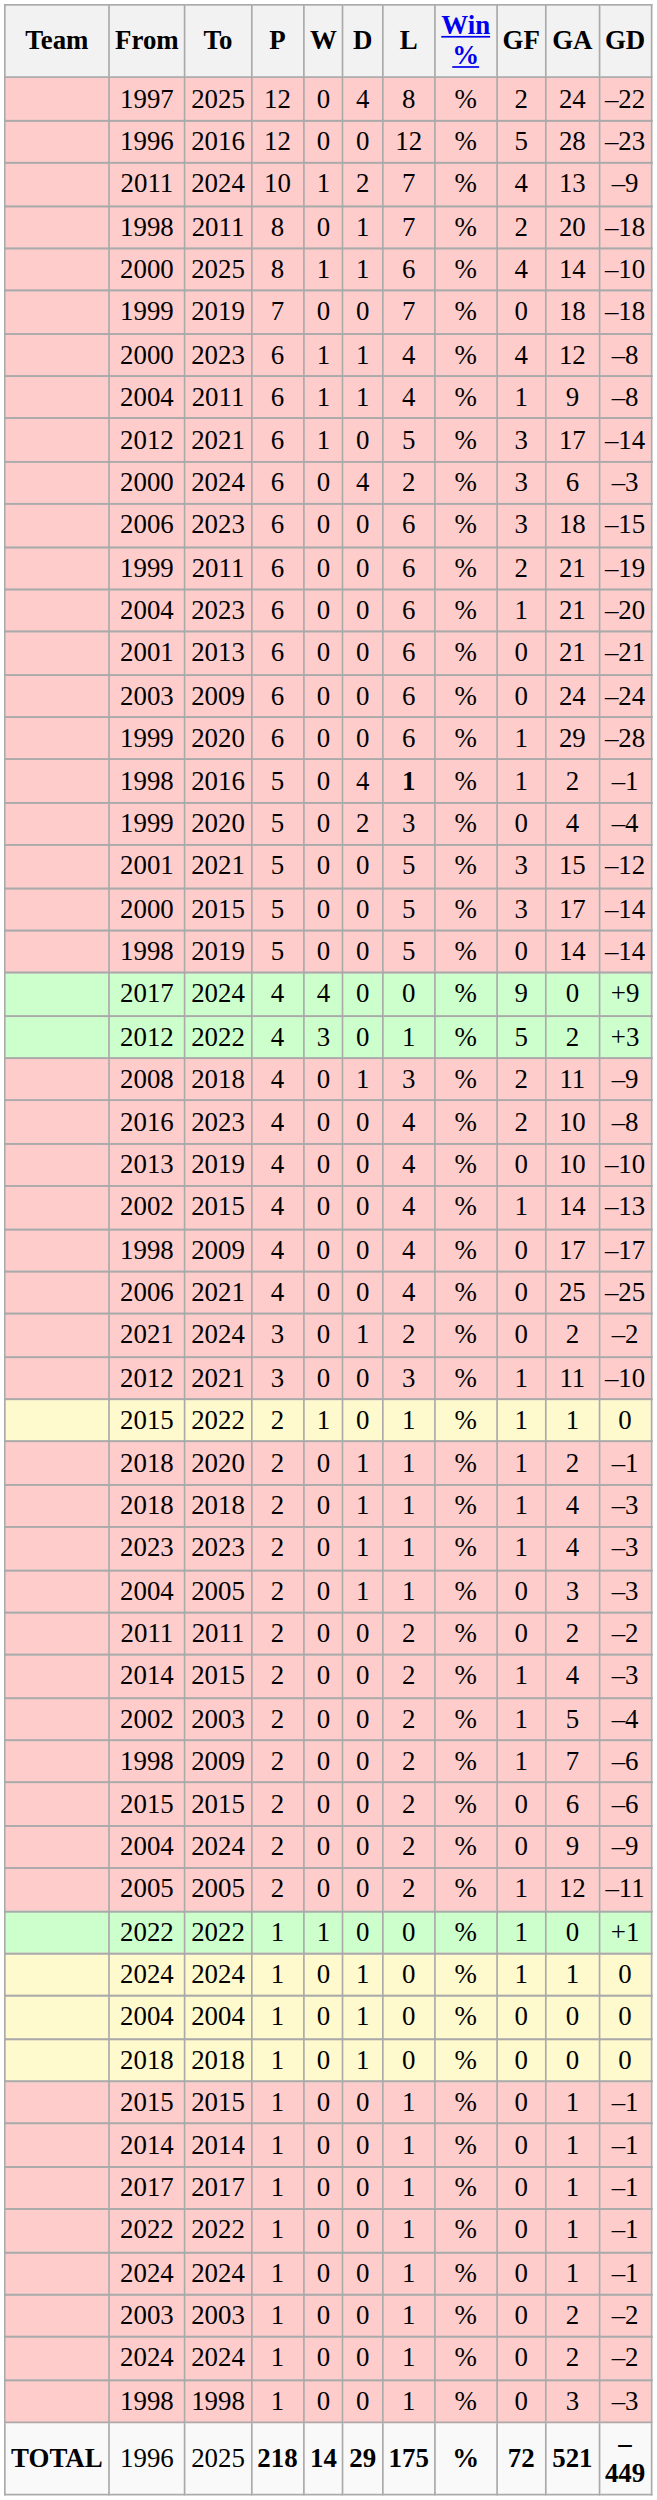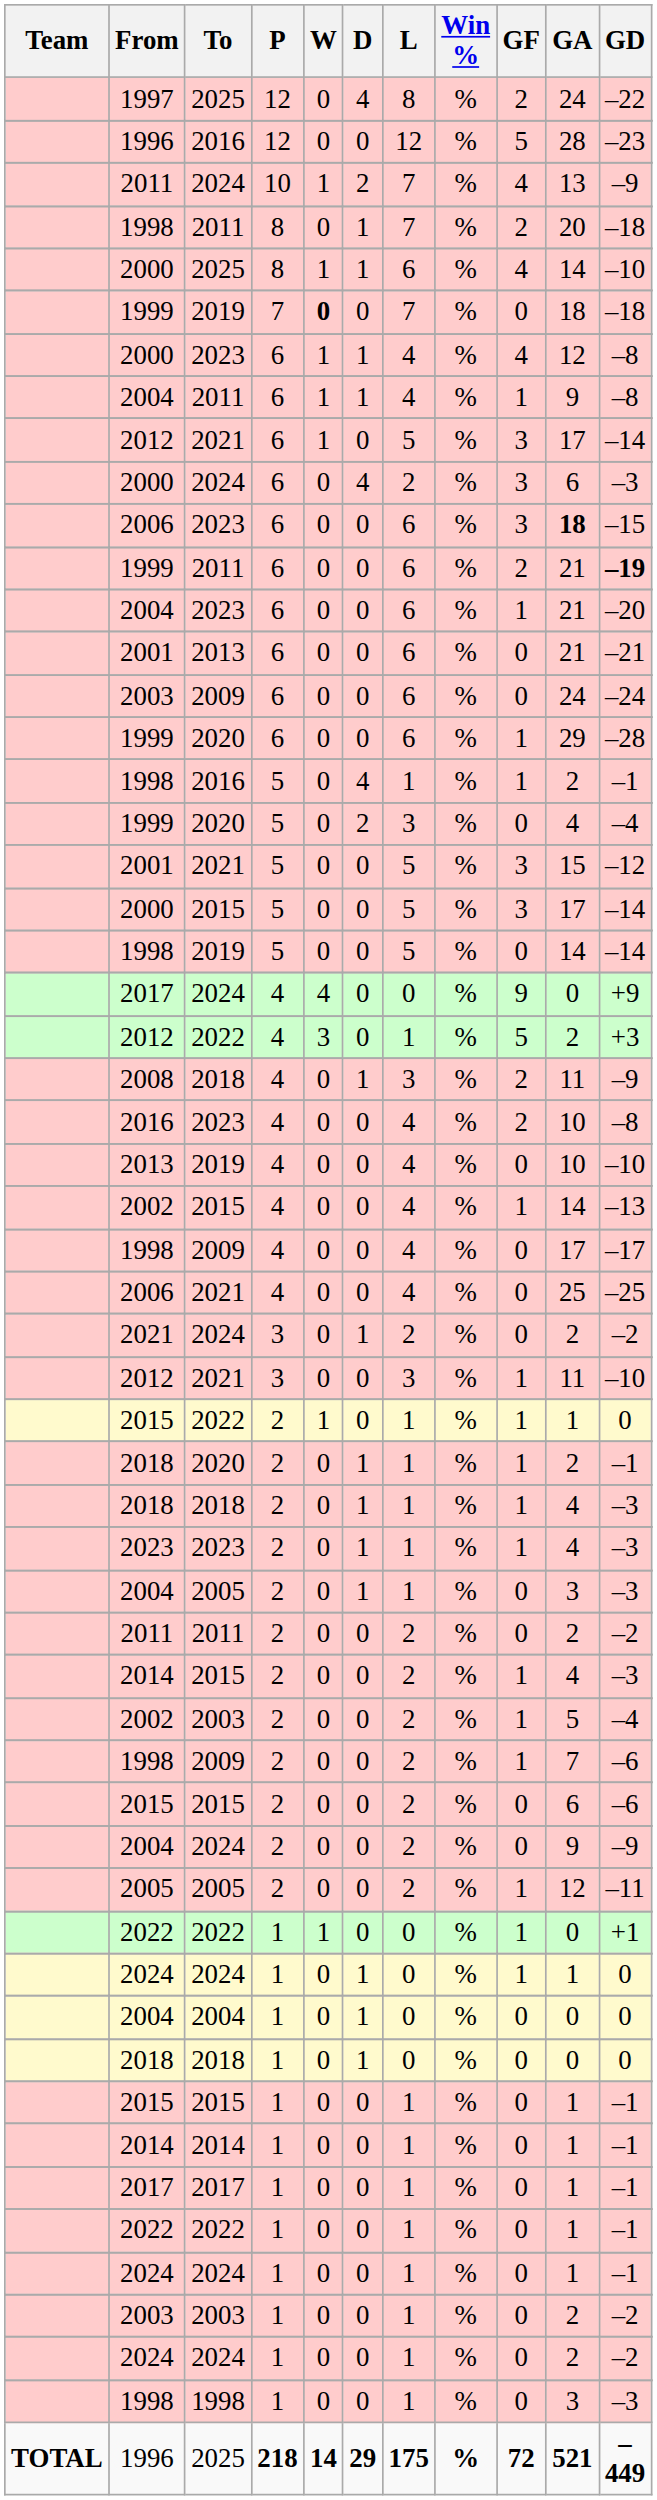 <table class="wikitable sortable collapsible collapsed" style="text-align: center; font-size: 100%;">
 <tr>
 <th width="30">Team</th>
 <th width="2">From</th>
 <th width="2">To</th>
 <th width="2">P</th>
 <th width="2">W</th>
 <th width="2">D</th>
 <th width="2">L</th>
 <th width="2"><a href='#'>Win %</a></th>
 <th width="2">GF</th>
 <th width="2">GA</th>
 <th width="2" data-sort-type="number">GD</th>
 </tr>
 <tr bgcolor= #FFCCCC>
 <td align=left></td>
 <td align=center>1997</td>
 <td align=center>2025</td>
 <td>12</td>
 <td>0</td>
 <td>4</td>
 <td>8</td>
 <td>%</td>
 <td>2</td>
 <td>24</td>
 <td>–22</td>
 </tr>
 <tr>
 </tr>
 <tr bgcolor= #FFCCCC>
 <td align=left></td>
 <td align=center>1996</td>
 <td align=center>2016</td>
 <td>12</td>
 <td>0</td>
 <td>0</td>
 <td>12</td>
 <td>%</td>
 <td>5</td>
 <td>28</td>
 <td>–23</td>
 </tr>
 <tr>
 </tr>
 <tr bgcolor= #FFCCCC>
 <td align=left></td>
 <td align=center>2011</td>
 <td align=center>2024</td>
 <td>10</td>
 <td>1</td>
 <td>2</td>
 <td>7</td>
 <td>%</td>
 <td>4</td>
 <td>13</td>
 <td>–9</td>
 </tr>
 <tr>
 </tr>
 <tr bgcolor= #FFCCCC>
 <td align=left></td>
 <td align=center>1998</td>
 <td align=center>2011</td>
 <td>8</td>
 <td>0</td>
 <td>1</td>
 <td>7</td>
 <td>%</td>
 <td>2</td>
 <td>20</td>
 <td>–18</td>
 </tr>
 <tr>
 </tr>
 <tr bgcolor= #FFCCCC>
 <td align=left></td>
 <td align=center>2000</td>
 <td align=center>2025</td>
 <td>8</td>
 <td>1</td>
 <td>1</td>
 <td>6</td>
 <td>%</td>
 <td>4</td>
 <td>14</td>
 <td>–10</td>
 </tr>
 <tr>
 </tr>
 <tr bgcolor= #FFCCCC>
 <td align=left></td>
 <td align=center>1999</td>
 <td align=center>2019</td>
 <td>7</td>
-<td>0</td>
+<td><strong>0</strong></td>
 <td>0</td>
 <td>7</td>
 <td>%</td>
 <td>0</td>
 <td>18</td>
 <td>–18</td>
 </tr>
 <tr>
 </tr>
 <tr bgcolor= #FFCCCC>
 <td align=left></td>
 <td align=center>2000</td>
 <td align=center>2023</td>
 <td>6</td>
 <td>1</td>
 <td>1</td>
 <td>4</td>
 <td>%</td>
 <td>4</td>
 <td>12</td>
 <td>–8</td>
 </tr>
 <tr>
 </tr>
 <tr bgcolor= #FFCCCC>
 <td align=left></td>
 <td align=center>2004</td>
 <td align=center>2011</td>
 <td>6</td>
 <td>1</td>
 <td>1</td>
 <td>4</td>
 <td>%</td>
 <td>1</td>
 <td>9</td>
 <td>–8</td>
 </tr>
 <tr>
 </tr>
 <tr bgcolor= #FFCCCC>
 <td align=left></td>
 <td align=center>2012</td>
 <td align=center>2021</td>
 <td>6</td>
 <td>1</td>
 <td>0</td>
 <td>5</td>
 <td>%</td>
 <td>3</td>
 <td>17</td>
 <td>–14</td>
 </tr>
 <tr>
 </tr>
 <tr bgcolor= #FFCCCC>
 <td align=left></td>
 <td align=center>2000</td>
 <td align=center>2024</td>
 <td>6</td>
 <td>0</td>
 <td>4</td>
 <td>2</td>
 <td>%</td>
 <td>3</td>
 <td>6</td>
 <td>–3</td>
 </tr>
 <tr>
 </tr>
 <tr bgcolor= #FFCCCC>
 <td align=left></td>
 <td align=center>2006</td>
 <td align=center>2023</td>
 <td>6</td>
 <td>0</td>
 <td>0</td>
 <td>6</td>
 <td>%</td>
 <td>3</td>
-<td>18</td>
+<td><strong>18</strong></td>
 <td>–15</td>
 </tr>
 <tr>
 </tr>
 <tr bgcolor= #FFCCCC>
 <td align=left></td>
 <td align=center>1999</td>
 <td align=center>2011</td>
 <td>6</td>
 <td>0</td>
 <td>0</td>
 <td>6</td>
 <td>%</td>
 <td>2</td>
 <td>21</td>
-<td>–19</td>
+<td><strong>–19</strong></td>
 </tr>
 <tr>
 </tr>
 <tr bgcolor= #FFCCCC>
 <td align=left></td>
 <td align=center>2004</td>
 <td align=center>2023</td>
 <td>6</td>
 <td>0</td>
 <td>0</td>
 <td>6</td>
 <td>%</td>
 <td>1</td>
 <td>21</td>
 <td>–20</td>
 </tr>
 <tr>
 </tr>
 <tr bgcolor= #FFCCCC>
 <td align=left></td>
 <td align=center>2001</td>
 <td align=center>2013</td>
 <td>6</td>
 <td>0</td>
 <td>0</td>
 <td>6</td>
 <td>%</td>
 <td>0</td>
 <td>21</td>
 <td>–21</td>
 </tr>
 <tr>
 </tr>
 <tr bgcolor= #FFCCCC>
 <td align=left></td>
 <td align=center>2003</td>
 <td align=center>2009</td>
 <td>6</td>
 <td>0</td>
 <td>0</td>
 <td>6</td>
 <td>%</td>
 <td>0</td>
 <td>24</td>
 <td>–24</td>
 </tr>
 <tr>
 </tr>
 <tr bgcolor= #FFCCCC>
 <td align=left></td>
 <td align=center>1999</td>
 <td align=center>2020</td>
 <td>6</td>
 <td>0</td>
 <td>0</td>
 <td>6</td>
 <td>%</td>
 <td>1</td>
 <td>29</td>
 <td>–28</td>
 </tr>
 <tr>
 </tr>
 <tr bgcolor= #FFCCCC>
 <td align=left></td>
 <td align=center>1998</td>
 <td align=center>2016</td>
 <td>5</td>
 <td>0</td>
 <td>4</td>
-<td><strong>1</strong></td>
+<td>1</td>
 <td>%</td>
 <td>1</td>
 <td>2</td>
 <td>–1</td>
 </tr>
 <tr>
 </tr>
 <tr bgcolor= #FFCCCC>
 <td align=left></td>
 <td align=center>1999</td>
 <td align=center>2020</td>
 <td>5</td>
 <td>0</td>
 <td>2</td>
 <td>3</td>
 <td>%</td>
 <td>0</td>
 <td>4</td>
 <td>–4</td>
 </tr>
 <tr>
 </tr>
 <tr bgcolor= #FFCCCC>
 <td align=left></td>
 <td align=center>2001</td>
 <td align=center>2021</td>
 <td>5</td>
 <td>0</td>
 <td>0</td>
 <td>5</td>
 <td>%</td>
 <td>3</td>
 <td>15</td>
 <td>–12</td>
 </tr>
 <tr>
 </tr>
 <tr bgcolor= #FFCCCC>
 <td align=left></td>
 <td align=center>2000</td>
 <td align=center>2015</td>
 <td>5</td>
 <td>0</td>
 <td>0</td>
 <td>5</td>
 <td>%</td>
 <td>3</td>
 <td>17</td>
 <td>–14</td>
 </tr>
 <tr>
 </tr>
 <tr bgcolor= #FFCCCC>
 <td align=left></td>
 <td align=center>1998</td>
 <td align=center>2019</td>
 <td>5</td>
 <td>0</td>
 <td>0</td>
 <td>5</td>
 <td>%</td>
 <td>0</td>
 <td>14</td>
 <td>–14</td>
 </tr>
 <tr>
 </tr>
 <tr bgcolor= #CCFFCC>
 <td align=left></td>
 <td align=center>2017</td>
 <td align=center>2024</td>
 <td>4</td>
 <td>4</td>
 <td>0</td>
 <td>0</td>
 <td>%</td>
 <td>9</td>
 <td>0</td>
 <td>+9</td>
 </tr>
 <tr>
 </tr>
 <tr bgcolor= #CCFFCC>
 <td align=left></td>
 <td align=center>2012</td>
 <td align=center>2022</td>
 <td>4</td>
 <td>3</td>
 <td>0</td>
 <td>1</td>
 <td>%</td>
 <td>5</td>
 <td>2</td>
 <td>+3</td>
 </tr>
 <tr>
 </tr>
 <tr bgcolor= #FFCCCC>
 <td align=left></td>
 <td align=center>2008</td>
 <td align=center>2018</td>
 <td>4</td>
 <td>0</td>
 <td>1</td>
 <td>3</td>
 <td>%</td>
 <td>2</td>
 <td>11</td>
 <td>–9</td>
 </tr>
 <tr>
 </tr>
 <tr bgcolor= #FFCCCC>
 <td align=left></td>
 <td align=center>2016</td>
 <td align=center>2023</td>
 <td>4</td>
 <td>0</td>
 <td>0</td>
 <td>4</td>
 <td>%</td>
 <td>2</td>
 <td>10</td>
 <td>–8</td>
 </tr>
 <tr>
 </tr>
 <tr bgcolor= #FFCCCC>
 <td align=left></td>
 <td align=center>2013</td>
 <td align=center>2019</td>
 <td>4</td>
 <td>0</td>
 <td>0</td>
 <td>4</td>
 <td>%</td>
 <td>0</td>
 <td>10</td>
 <td>–10</td>
 </tr>
 <tr>
 </tr>
 <tr bgcolor= #FFCCCC>
 <td align=left></td>
 <td align=center>2002</td>
 <td align=center>2015</td>
 <td>4</td>
 <td>0</td>
 <td>0</td>
 <td>4</td>
 <td>%</td>
 <td>1</td>
 <td>14</td>
 <td>–13</td>
 </tr>
 <tr>
 </tr>
 <tr bgcolor= #FFCCCC>
 <td align=left></td>
 <td align=center>1998</td>
 <td align=center>2009</td>
 <td>4</td>
 <td>0</td>
 <td>0</td>
 <td>4</td>
 <td>%</td>
 <td>0</td>
 <td>17</td>
 <td>–17</td>
 </tr>
 <tr>
 </tr>
 <tr bgcolor= #FFCCCC>
 <td align=left></td>
 <td align=center>2006</td>
 <td align=center>2021</td>
 <td>4</td>
 <td>0</td>
 <td>0</td>
 <td>4</td>
 <td>%</td>
 <td>0</td>
 <td>25</td>
 <td>–25</td>
 </tr>
 <tr>
 </tr>
 <tr bgcolor= #FFCCCC>
 <td align=left></td>
 <td align=center>2021</td>
 <td align=center>2024</td>
 <td>3</td>
 <td>0</td>
 <td>1</td>
 <td>2</td>
 <td>%</td>
 <td>0</td>
 <td>2</td>
 <td>–2</td>
 </tr>
 <tr>
 </tr>
 <tr bgcolor= #FFCCCC>
 <td align=left></td>
 <td align=center>2012</td>
 <td align=center>2021</td>
 <td>3</td>
 <td>0</td>
 <td>0</td>
 <td>3</td>
 <td>%</td>
 <td>1</td>
 <td>11</td>
 <td>–10</td>
 </tr>
 <tr>
 </tr>
 <tr bgcolor= LemonChiffon>
 <td align=left></td>
 <td align=center>2015</td>
 <td align=center>2022</td>
 <td>2</td>
 <td>1</td>
 <td>0</td>
 <td>1</td>
 <td>%</td>
 <td>1</td>
 <td>1</td>
 <td>0</td>
 </tr>
 <tr>
 </tr>
 <tr bgcolor= #FFCCCC>
 <td align=left></td>
 <td align=center>2018</td>
 <td align=center>2020</td>
 <td>2</td>
 <td>0</td>
 <td>1</td>
 <td>1</td>
 <td>%</td>
 <td>1</td>
 <td>2</td>
 <td>–1</td>
 </tr>
 <tr>
 </tr>
 <tr bgcolor= #FFCCCC>
 <td align=left></td>
 <td align=center>2018</td>
 <td align=center>2018</td>
 <td>2</td>
 <td>0</td>
 <td>1</td>
 <td>1</td>
 <td>%</td>
 <td>1</td>
 <td>4</td>
 <td>–3</td>
 </tr>
 <tr>
 </tr>
 <tr bgcolor= #FFCCCC>
 <td align=left></td>
 <td align=center>2023</td>
 <td align=center>2023</td>
 <td>2</td>
 <td>0</td>
 <td>1</td>
 <td>1</td>
 <td>%</td>
 <td>1</td>
 <td>4</td>
 <td>–3</td>
 </tr>
 <tr>
 </tr>
 <tr bgcolor= #FFCCCC>
 <td align=left></td>
 <td align=center>2004</td>
 <td align=center>2005</td>
 <td>2</td>
 <td>0</td>
 <td>1</td>
 <td>1</td>
 <td>%</td>
 <td>0</td>
 <td>3</td>
 <td>–3</td>
 </tr>
 <tr>
 </tr>
 <tr bgcolor= #FFCCCC>
 <td align=left></td>
 <td align=center>2011</td>
 <td align=center>2011</td>
 <td>2</td>
 <td>0</td>
 <td>0</td>
 <td>2</td>
 <td>%</td>
 <td>0</td>
 <td>2</td>
 <td>–2</td>
 </tr>
 <tr>
 </tr>
 <tr bgcolor= #FFCCCC>
 <td align=left></td>
 <td align=center>2014</td>
 <td align=center>2015</td>
 <td>2</td>
 <td>0</td>
 <td>0</td>
 <td>2</td>
 <td>%</td>
 <td>1</td>
 <td>4</td>
 <td>–3</td>
 </tr>
 <tr>
 </tr>
 <tr bgcolor= #FFCCCC>
 <td align=left></td>
 <td align=center>2002</td>
 <td align=center>2003</td>
 <td>2</td>
 <td>0</td>
 <td>0</td>
 <td>2</td>
 <td>%</td>
 <td>1</td>
 <td>5</td>
 <td>–4</td>
 </tr>
 <tr>
 </tr>
 <tr bgcolor= #FFCCCC>
 <td align=left></td>
 <td align=center>1998</td>
 <td align=center>2009</td>
 <td>2</td>
 <td>0</td>
 <td>0</td>
 <td>2</td>
 <td>%</td>
 <td>1</td>
 <td>7</td>
 <td>–6</td>
 </tr>
 <tr>
 </tr>
 <tr bgcolor= #FFCCCC>
 <td align=left></td>
 <td align=center>2015</td>
 <td align=center>2015</td>
 <td>2</td>
 <td>0</td>
 <td>0</td>
 <td>2</td>
 <td>%</td>
 <td>0</td>
 <td>6</td>
 <td>–6</td>
 </tr>
 <tr>
 </tr>
 <tr bgcolor= #FFCCCC>
 <td align=left></td>
 <td align=center>2004</td>
 <td align=center>2024</td>
 <td>2</td>
 <td>0</td>
 <td>0</td>
 <td>2</td>
 <td>%</td>
 <td>0</td>
 <td>9</td>
 <td>–9</td>
 </tr>
 <tr>
 </tr>
 <tr bgcolor= #FFCCCC>
 <td align=left></td>
 <td align=center>2005</td>
 <td align=center>2005</td>
 <td>2</td>
 <td>0</td>
 <td>0</td>
 <td>2</td>
 <td>%</td>
 <td>1</td>
 <td>12</td>
 <td>–11</td>
 </tr>
 <tr>
 </tr>
 <tr bgcolor= #CCFFCC>
 <td align=left></td>
 <td align=center>2022</td>
 <td align=center>2022</td>
 <td>1</td>
 <td>1</td>
 <td>0</td>
 <td>0</td>
 <td>%</td>
 <td>1</td>
 <td>0</td>
 <td>+1</td>
 </tr>
 <tr>
 </tr>
 <tr bgcolor= LemonChiffon>
 <td align=left></td>
 <td align=center>2024</td>
 <td align=center>2024</td>
 <td>1</td>
 <td>0</td>
 <td>1</td>
 <td>0</td>
 <td>%</td>
 <td>1</td>
 <td>1</td>
 <td>0</td>
 </tr>
 <tr>
 </tr>
 <tr bgcolor= LemonChiffon>
 <td align=left></td>
 <td align=center>2004</td>
 <td align=center>2004</td>
 <td>1</td>
 <td>0</td>
 <td>1</td>
 <td>0</td>
 <td>%</td>
 <td>0</td>
 <td>0</td>
 <td>0</td>
 </tr>
 <tr>
 </tr>
 <tr bgcolor= LemonChiffon>
 <td align=left></td>
 <td align=center>2018</td>
 <td align=center>2018</td>
 <td>1</td>
 <td>0</td>
 <td>1</td>
 <td>0</td>
 <td>%</td>
 <td>0</td>
 <td>0</td>
 <td>0</td>
 </tr>
 <tr>
 </tr>
 <tr bgcolor= #FFCCCC>
 <td align=left></td>
 <td align=center>2015</td>
 <td align=center>2015</td>
 <td>1</td>
 <td>0</td>
 <td>0</td>
 <td>1</td>
 <td>%</td>
 <td>0</td>
 <td>1</td>
 <td>–1</td>
 </tr>
 <tr>
 </tr>
 <tr bgcolor= #FFCCCC>
 <td align=left></td>
 <td align=center>2014</td>
 <td align=center>2014</td>
 <td>1</td>
 <td>0</td>
 <td>0</td>
 <td>1</td>
 <td>%</td>
 <td>0</td>
 <td>1</td>
 <td>–1</td>
 </tr>
 <tr>
 </tr>
 <tr bgcolor= #FFCCCC>
 <td align=left></td>
 <td align=center>2017</td>
 <td align=center>2017</td>
 <td>1</td>
 <td>0</td>
 <td>0</td>
 <td>1</td>
 <td>%</td>
 <td>0</td>
 <td>1</td>
 <td>–1</td>
 </tr>
 <tr>
 </tr>
 <tr bgcolor= #FFCCCC>
 <td align=left></td>
 <td align=center>2022</td>
 <td align=center>2022</td>
 <td>1</td>
 <td>0</td>
 <td>0</td>
 <td>1</td>
 <td>%</td>
 <td>0</td>
 <td>1</td>
 <td>–1</td>
 </tr>
 <tr>
 </tr>
 <tr bgcolor= #FFCCCC>
 <td align=left></td>
 <td align=center>2024</td>
 <td align=center>2024</td>
 <td>1</td>
 <td>0</td>
 <td>0</td>
 <td>1</td>
 <td>%</td>
 <td>0</td>
 <td>1</td>
 <td>–1</td>
 </tr>
 <tr>
 </tr>
 <tr bgcolor= #FFCCCC>
 <td align=left></td>
 <td align=center>2003</td>
 <td align=center>2003</td>
 <td>1</td>
 <td>0</td>
 <td>0</td>
 <td>1</td>
 <td>%</td>
 <td>0</td>
 <td>2</td>
 <td>–2</td>
 </tr>
 <tr>
 </tr>
 <tr>
 </tr>
 <tr bgcolor= #FFCCCC>
 <td align=left></td>
 <td align=center>2024</td>
 <td align=center>2024</td>
 <td>1</td>
 <td>0</td>
 <td>0</td>
 <td>1</td>
 <td>%</td>
 <td>0</td>
 <td>2</td>
 <td>–2</td>
 </tr>
 <tr>
 </tr>
 <tr bgcolor= #FFCCCC>
 <td align=left></td>
 <td align=center>1998</td>
 <td align=center>1998</td>
 <td>1</td>
 <td>0</td>
 <td>0</td>
 <td>1</td>
 <td>%</td>
 <td>0</td>
 <td>3</td>
 <td>–3</td>
 </tr>
 <tr>
 <td align=left><strong>TOTAL</strong></td>
 <td align=center>1996</td>
 <td align=center>2025</td>
 <td><strong>218</strong></td>
 <td><strong>14</strong></td>
 <td><strong>29</strong></td>
 <td><strong>175</strong></td>
 <td><strong>% </strong></td>
 <td><strong>72</strong></td>
 <td><strong>521</strong></td>
 <td><strong>–449</strong></td>
 </tr>
 </table>
